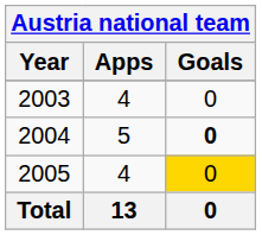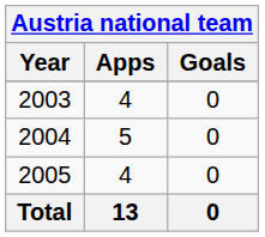 <table class="wikitable" style="text-align:center">
 <tr>
 <th colspan="3"><a href='#'>Austria national team</a></th>
 </tr>
 <tr>
 <th>Year</th>
 <th>Apps</th>
 <th>Goals</th>
 </tr>
 <tr>
 </tr>
 <tr>
 <td>2003</td>
 <td>4</td>
 <td>0</td>
 </tr>
 <tr>
 <td>2004</td>
 <td>5</td>
-<td><strong>0</strong></td>
+<td>0</td>
 </tr>
 <tr>
 <td>2005</td>
 <td>4</td>
-<td style="background: gold;">0</td>
+<td>0</td>
 </tr>
 <tr>
 <th>Total</th>
 <th>13</th>
 <th>0</th>
 </tr>
 </table>
